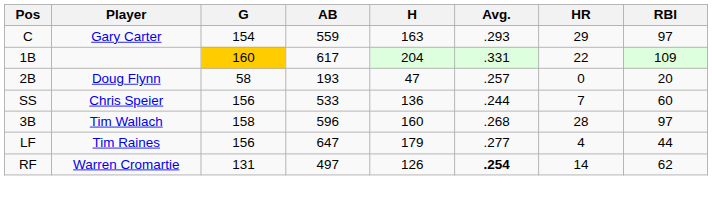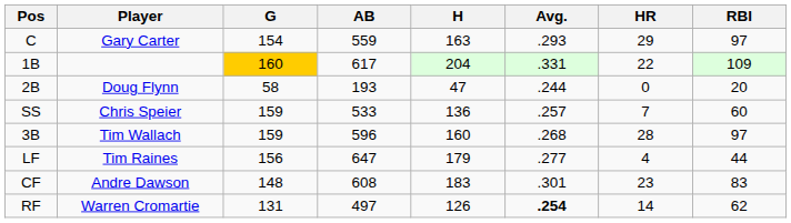 <table class="wikitable sortable">
 <tr>
 <th bgcolor="#DDDDFF" width="5%">Pos</th>
 <th bgcolor="#DDDDFF" width="16%">Player</th>
 <th bgcolor="#DDDDFF" width="9%">G</th>
 <th bgcolor="#DDDDFF" width="9%">AB</th>
 <th bgcolor="#DDDDFF" width="9%">H</th>
 <th bgcolor="#DDDDFF" width="9%">Avg.</th>
 <th bgcolor="#DDDDFF" width="9%">HR</th>
 <th bgcolor="#DDDDFF" width="9%">RBI</th>
 </tr>
 <tr align="center">
 <td>C</td>
 <td><a href='#'>Gary Carter</a></td>
 <td>154</td>
 <td>559</td>
 <td>163</td>
 <td>.293</td>
 <td>29</td>
 <td>97</td>
 </tr>
 <tr align="center">
 <td>1B</td>
 <td></td>
 <td style="background:#fc0;">160</td>
 <td>617</td>
 <td style="background:#DDFFDD;">204</td>
 <td style="background:#DDFFDD;">.331</td>
 <td>22</td>
 <td style="background:#DDFFDD;">109</td>
 </tr>
 <tr align="center">
 <td>2B</td>
 <td><a href='#'>Doug Flynn</a></td>
 <td>58</td>
 <td>193</td>
 <td>47</td>
-<td>.257</td>
+<td>.244</td>
 <td>0</td>
 <td>20</td>
 </tr>
 <tr align="center">
 <td>SS</td>
 <td><a href='#'>Chris Speier</a></td>
-<td>156</td>
+<td>159</td>
 <td>533</td>
 <td>136</td>
-<td>.244</td>
+<td>.257</td>
 <td>7</td>
 <td>60</td>
 </tr>
 <tr align="center">
 <td>3B</td>
 <td><a href='#'>Tim Wallach</a></td>
-<td>158</td>
+<td>159</td>
 <td>596</td>
 <td>160</td>
 <td>.268</td>
 <td>28</td>
 <td>97</td>
 </tr>
 <tr align="center">
 <td>LF</td>
 <td><a href='#'>Tim Raines</a></td>
 <td>156</td>
 <td>647</td>
 <td>179</td>
 <td>.277</td>
 <td>4</td>
 <td>44</td>
 </tr>
 <tr align="center">
+<td>CF</td>
+<td><a href='#'>Andre Dawson</a></td>
+<td>148</td>
+<td>608</td>
+<td>183</td>
+<td>.301</td>
+<td>23</td>
+<td>83</td>
+</tr>
+<tr align="center">
 <td>RF</td>
 <td><a href='#'>Warren Cromartie</a></td>
 <td>131</td>
 <td>497</td>
 <td>126</td>
 <td><strong>.254</strong></td>
 <td>14</td>
 <td>62</td>
 </tr>
 </table>
